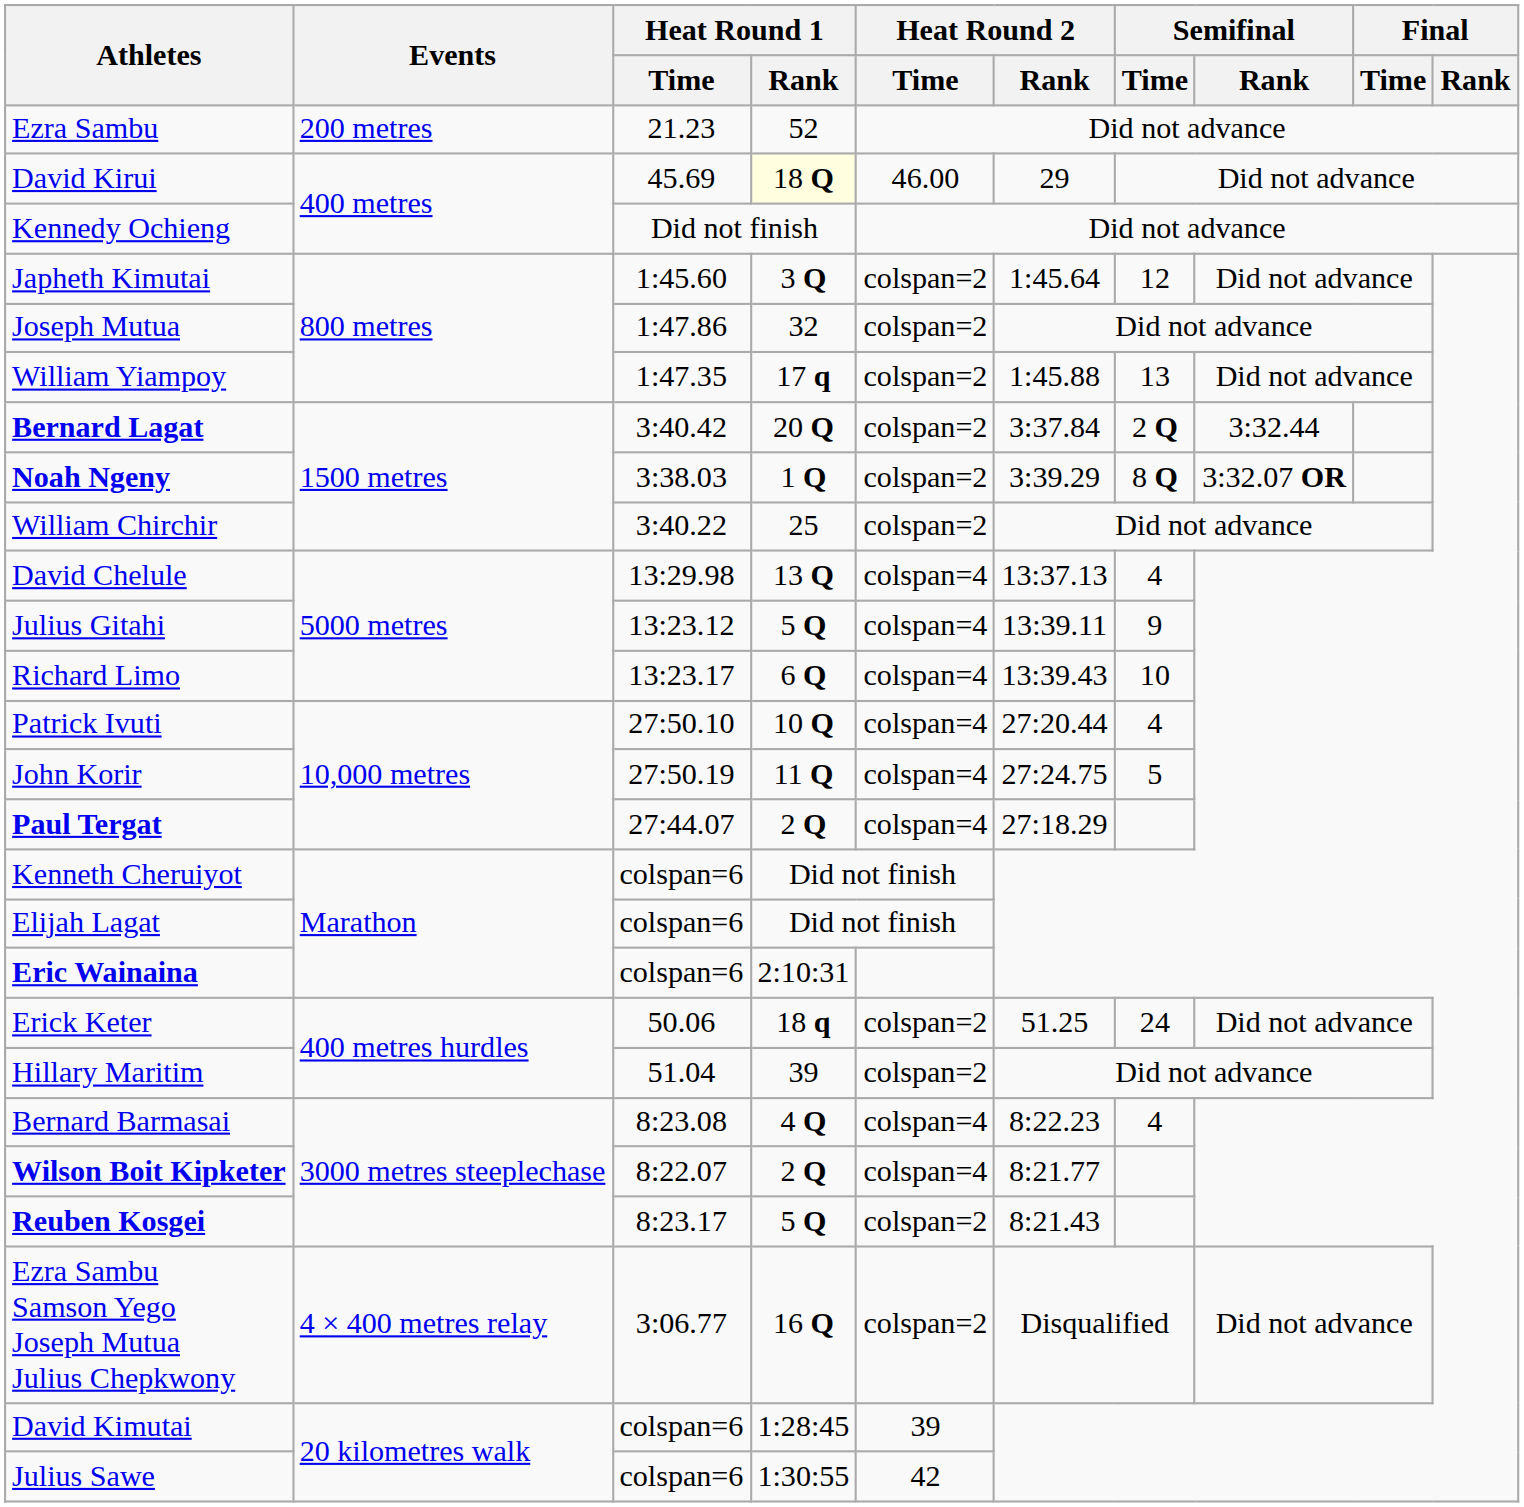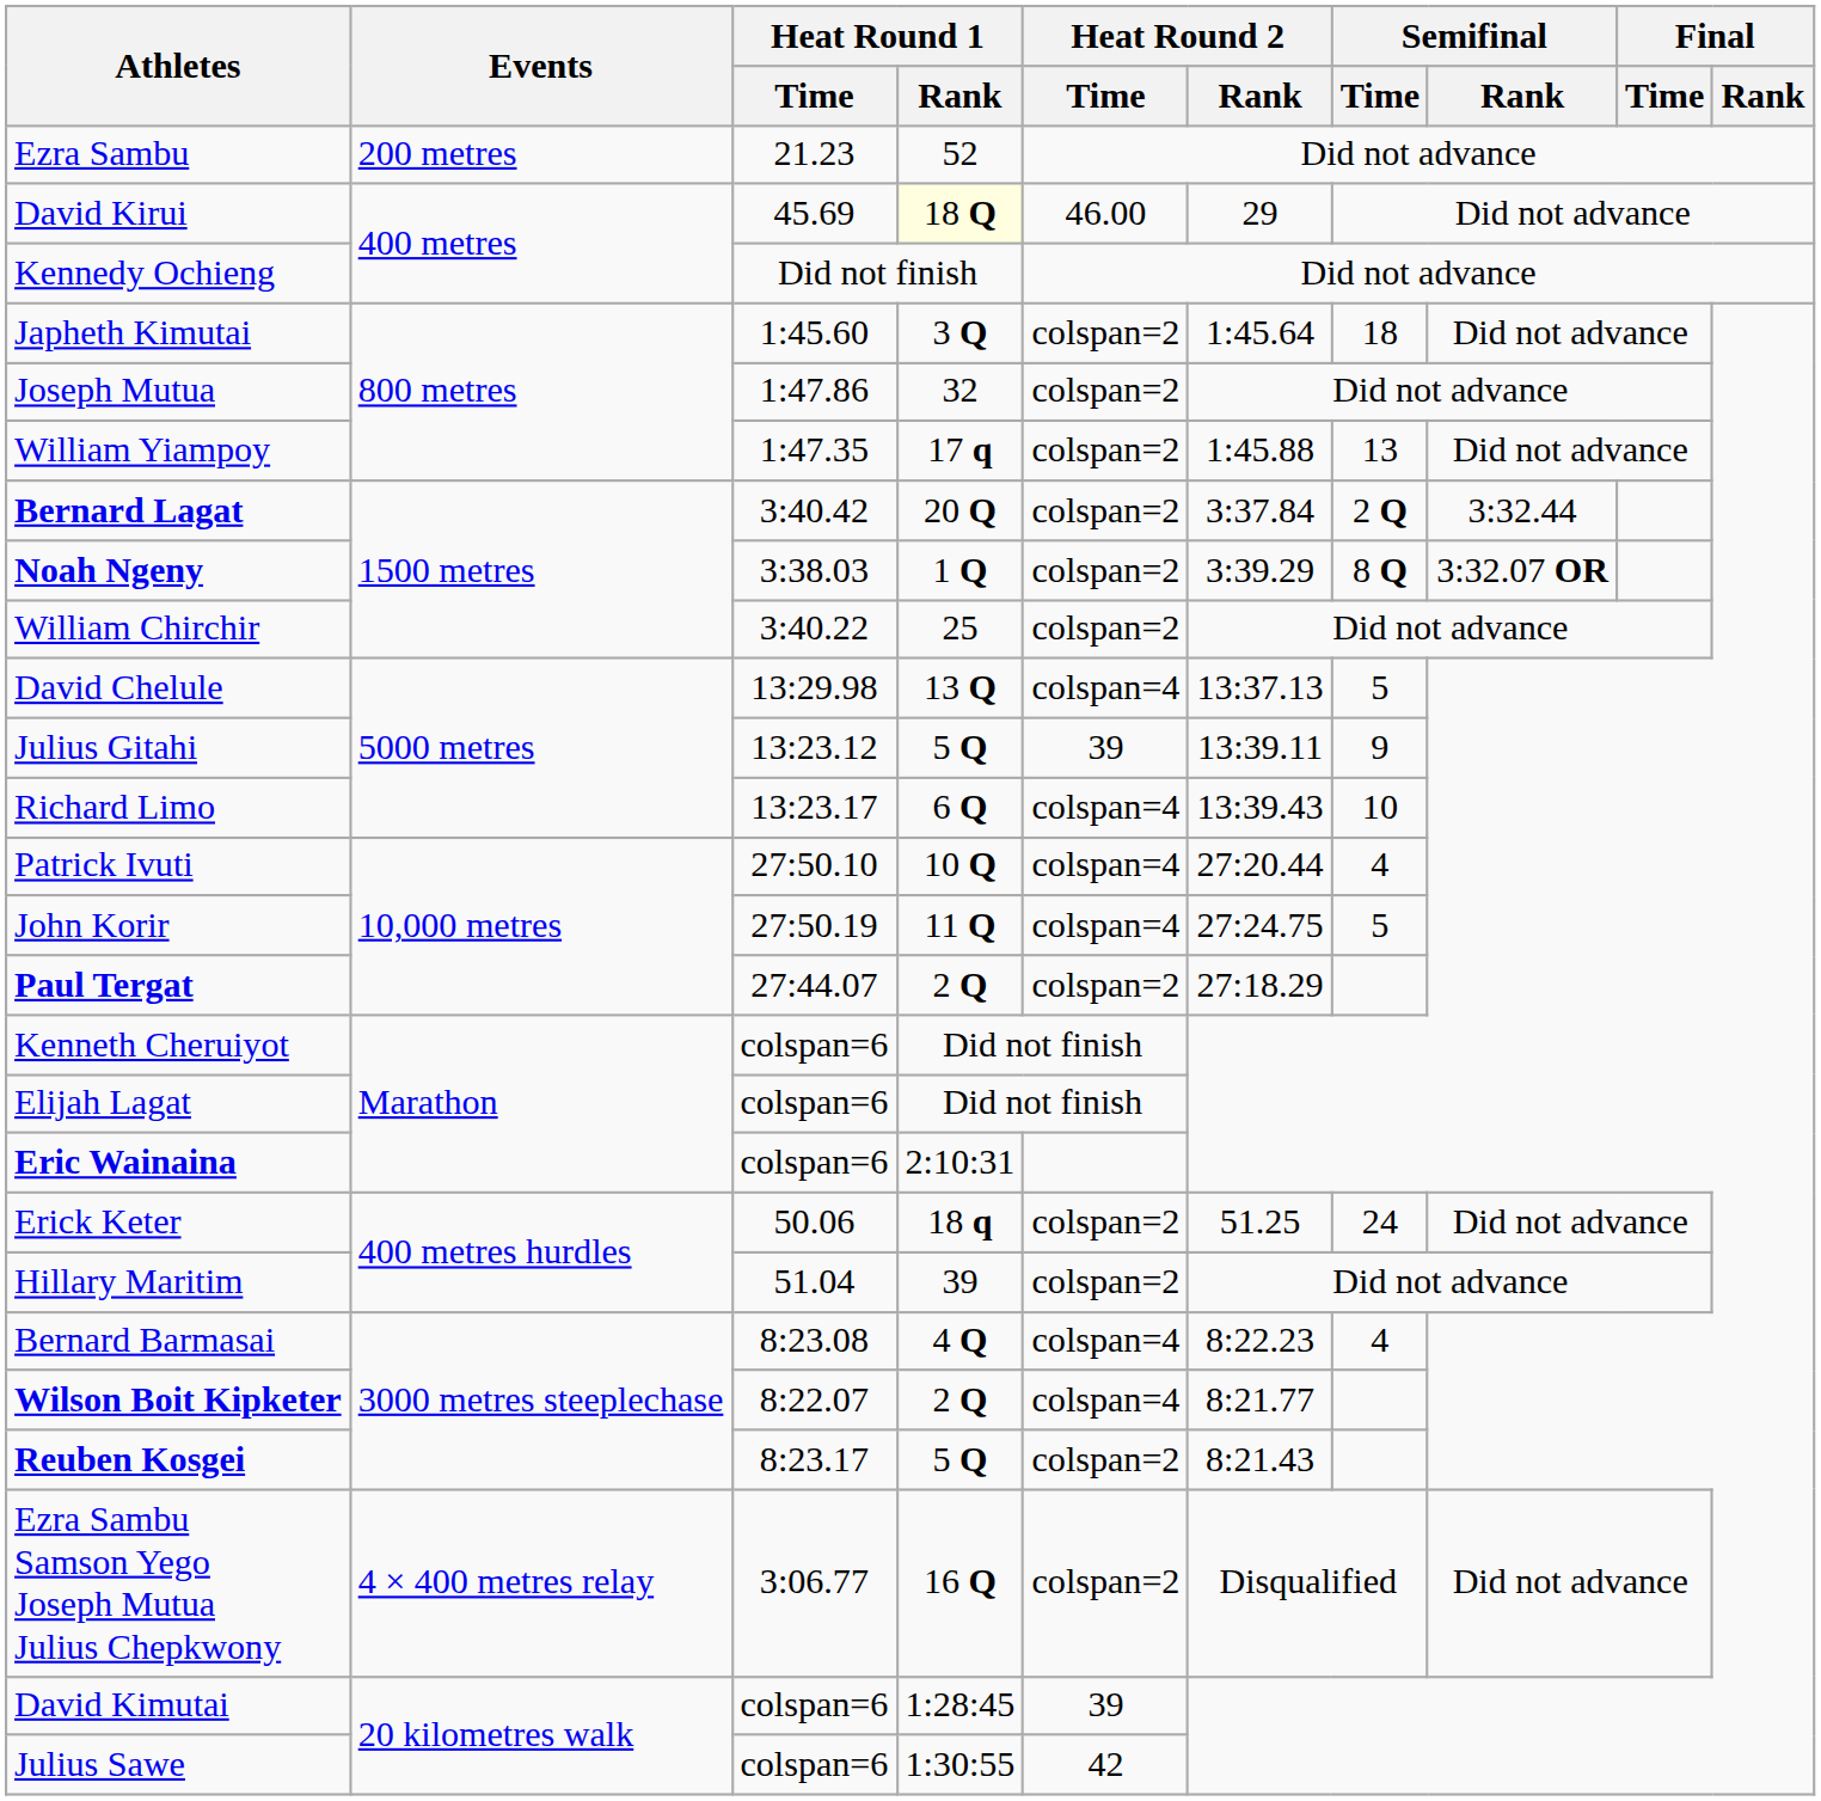 <table class=wikitable style="font-size:90%">
 <tr>
 <th rowspan=2>Athletes</th>
 <th rowspan=2>Events</th>
 <th colspan=2>Heat Round 1</th>
 <th colspan=2>Heat Round 2</th>
 <th colspan=2>Semifinal</th>
 <th colspan=2>Final</th>
 </tr>
 <tr>
 <th>Time</th>
 <th>Rank</th>
 <th>Time</th>
 <th>Rank</th>
 <th>Time</th>
 <th>Rank</th>
 <th>Time</th>
 <th>Rank</th>
 </tr>
 <tr>
 <td align=left><a href='#'>Ezra Sambu</a></td>
 <td align=left><a href='#'>200 metres</a></td>
 <td align=center>21.23</td>
 <td align=center>52</td>
 <td align=center colspan=6>Did not advance</td>
 </tr>
 <tr>
 <td align=left><a href='#'>David Kirui</a></td>
 <td align=left rowspan=2><a href='#'>400 metres</a></td>
 <td align=center>45.69</td>
 <td align=center style="background: lightyellow;">18 <strong>Q</strong></td>
 <td align=center>46.00</td>
 <td align=center>29</td>
 <td align=center colspan=6>Did not advance</td>
 </tr>
 <tr>
 <td align=left><a href='#'>Kennedy Ochieng</a></td>
 <td align=center colspan=2>Did not finish</td>
 <td align=center colspan=6>Did not advance</td>
 </tr>
 <tr>
 <td align=left><a href='#'>Japheth Kimutai</a></td>
 <td align=left rowspan=3><a href='#'>800 metres</a></td>
 <td align=center>1:45.60</td>
 <td align=center>3 <strong>Q</strong></td>
 <td>colspan=2</td>
 <td align=center>1:45.64</td>
-<td align=center>12</td>
+<td align=center>18</td>
 <td align=center colspan=2>Did not advance</td>
 </tr>
 <tr>
 <td align=left><a href='#'>Joseph Mutua</a></td>
 <td align=center>1:47.86</td>
 <td align=center>32</td>
 <td>colspan=2</td>
 <td align=center colspan=4>Did not advance</td>
 </tr>
 <tr>
 <td align=left><a href='#'>William Yiampoy</a></td>
 <td align=center>1:47.35</td>
 <td align=center>17 <strong>q</strong></td>
 <td>colspan=2</td>
 <td align=center>1:45.88</td>
 <td align=center>13</td>
 <td align=center colspan=2>Did not advance</td>
 </tr>
 <tr>
 <td align=left><strong><a href='#'>Bernard Lagat</a></strong></td>
 <td align=left rowspan=3><a href='#'>1500 metres</a></td>
 <td align=center>3:40.42</td>
 <td align=center>20 <strong>Q</strong></td>
 <td>colspan=2</td>
 <td align=center>3:37.84</td>
 <td align=center>2 <strong>Q</strong></td>
 <td align=center>3:32.44</td>
 <td align=center></td>
 </tr>
 <tr>
 <td align=left><strong><a href='#'>Noah Ngeny</a></strong></td>
 <td align=center>3:38.03</td>
 <td align=center>1 <strong>Q</strong></td>
 <td>colspan=2</td>
 <td align=center>3:39.29</td>
 <td align=center>8 <strong>Q</strong></td>
 <td align=center>3:32.07 <strong>OR</strong></td>
 <td align=center></td>
 </tr>
 <tr>
 <td align=left><a href='#'>William Chirchir</a></td>
 <td align=center>3:40.22</td>
 <td align=center>25</td>
 <td>colspan=2</td>
 <td align=center colspan=4>Did not advance</td>
 </tr>
 <tr>
 <td align=left><a href='#'>David Chelule</a></td>
 <td align=left rowspan=3><a href='#'>5000 metres</a></td>
 <td align=center>13:29.98</td>
 <td align=center>13 <strong>Q</strong></td>
 <td>colspan=4</td>
 <td align=center>13:37.13</td>
-<td align=center>4</td>
+<td align=center>5</td>
 </tr>
 <tr>
 <td align=left><a href='#'>Julius Gitahi</a></td>
 <td align=center>13:23.12</td>
 <td align=center>5 <strong>Q</strong></td>
-<td>colspan=4</td>
+<td align=center>39</td>
 <td align=center>13:39.11</td>
 <td align=center>9</td>
 </tr>
 <tr>
 <td align=left><a href='#'>Richard Limo</a></td>
 <td align=center>13:23.17</td>
 <td align=center>6 <strong>Q</strong></td>
 <td>colspan=4</td>
 <td align=center>13:39.43</td>
 <td align=center>10</td>
 </tr>
 <tr>
 <td align=left><a href='#'>Patrick Ivuti</a></td>
 <td align=left rowspan=3><a href='#'>10,000 metres</a></td>
 <td align=center>27:50.10</td>
 <td align=center>10 <strong>Q</strong></td>
 <td>colspan=4</td>
 <td align=center>27:20.44</td>
 <td align=center>4</td>
 </tr>
 <tr>
 <td align=left><a href='#'>John Korir</a></td>
 <td align=center>27:50.19</td>
 <td align=center>11 <strong>Q</strong></td>
 <td>colspan=4</td>
 <td align=center>27:24.75</td>
 <td align=center>5</td>
 </tr>
 <tr>
 <td align=left><strong><a href='#'>Paul Tergat</a></strong></td>
 <td align=center>27:44.07</td>
 <td align=center>2 <strong>Q</strong></td>
-<td>colspan=4</td>
+<td>colspan=2</td>
 <td align=center>27:18.29</td>
 <td align=center></td>
 </tr>
 <tr>
 <td align=left><a href='#'>Kenneth Cheruiyot</a></td>
 <td align=left rowspan=3><a href='#'>Marathon</a></td>
 <td>colspan=6</td>
 <td align=center colspan=2>Did not finish</td>
 </tr>
 <tr>
 <td align=left><a href='#'>Elijah Lagat</a></td>
 <td>colspan=6</td>
 <td align=center colspan=2>Did not finish</td>
 </tr>
 <tr>
 <td align=left><strong><a href='#'>Eric Wainaina</a></strong></td>
 <td>colspan=6</td>
 <td align=center>2:10:31</td>
 <td align=center></td>
 </tr>
 <tr>
 <td align=left><a href='#'>Erick Keter</a></td>
 <td align=left rowspan=2><a href='#'>400 metres hurdles</a></td>
 <td align=center>50.06</td>
 <td align=center>18 <strong>q</strong></td>
 <td>colspan=2</td>
 <td align=center>51.25</td>
 <td align=center>24</td>
 <td align=center colspan=2>Did not advance</td>
 </tr>
 <tr>
 <td align=left><a href='#'>Hillary Maritim</a></td>
 <td align=center>51.04</td>
 <td align=center>39</td>
 <td>colspan=2</td>
 <td align=center colspan=4>Did not advance</td>
 </tr>
 <tr>
 <td align=left><a href='#'>Bernard Barmasai</a></td>
 <td align=left rowspan=3><a href='#'>3000 metres steeplechase</a></td>
 <td align=center>8:23.08</td>
 <td align=center>4 <strong>Q</strong></td>
 <td>colspan=4</td>
 <td align=center>8:22.23</td>
 <td align=center>4</td>
 </tr>
 <tr>
 <td align=left><strong><a href='#'>Wilson Boit Kipketer</a></strong></td>
 <td align=center>8:22.07</td>
 <td align=center>2 <strong>Q</strong></td>
 <td>colspan=4</td>
 <td align=center>8:21.77</td>
 <td align=center></td>
 </tr>
 <tr>
 <td align=left><strong><a href='#'>Reuben Kosgei</a></strong></td>
 <td align=center>8:23.17</td>
 <td align=center>5 <strong>Q</strong></td>
 <td>colspan=2</td>
 <td align=center>8:21.43</td>
 <td align=center></td>
 </tr>
 <tr>
 <td align=left><a href='#'>Ezra Sambu</a><br><a href='#'>Samson Yego</a><br><a href='#'>Joseph Mutua</a><br><a href='#'>Julius Chepkwony</a></td>
 <td align=left><a href='#'>4 × 400 metres relay</a></td>
 <td align=center>3:06.77</td>
 <td align=center>16 <strong>Q</strong></td>
 <td>colspan=2</td>
 <td align=center colspan=2>Disqualified</td>
 <td align=center colspan=2>Did not advance</td>
 </tr>
 <tr>
 <td align=left><a href='#'>David Kimutai</a></td>
 <td align=left rowspan=2><a href='#'>20 kilometres walk</a></td>
 <td>colspan=6</td>
 <td align=center>1:28:45</td>
 <td align=center>39</td>
 </tr>
 <tr>
 <td align=left><a href='#'>Julius Sawe</a></td>
 <td>colspan=6</td>
 <td align=center>1:30:55</td>
 <td align=center>42</td>
 </tr>
 </table>
